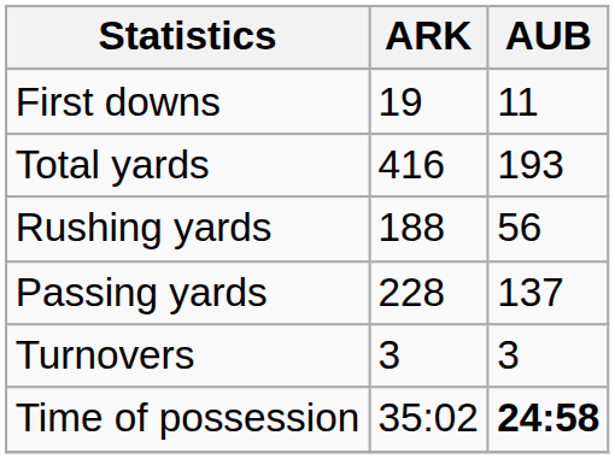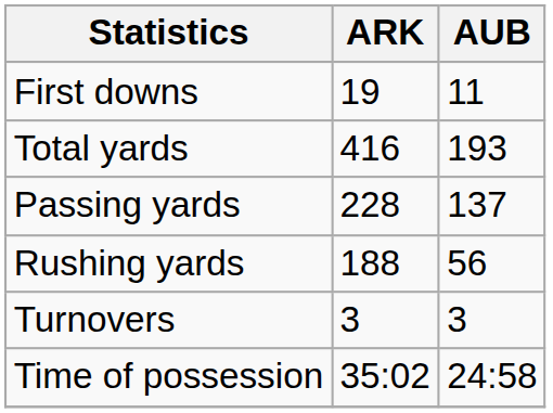 <table class="wikitable">
 <tr>
 <th>Statistics</th>
 <th>ARK</th>
 <th>AUB</th>
 </tr>
 <tr>
 <td>First downs</td>
 <td>19</td>
 <td>11</td>
 </tr>
 <tr>
 <td>Total yards</td>
 <td>416</td>
 <td>193</td>
 </tr>
 <tr>
+<td>Passing yards</td>
+<td>228</td>
+<td>137</td>
+</tr>
+<tr>
 <td>Rushing yards</td>
 <td>188</td>
 <td>56</td>
-</tr>
-<tr>
-<td>Passing yards</td>
-<td>228</td>
-<td>137</td>
 </tr>
 <tr>
 <td>Turnovers</td>
 <td>3</td>
 <td>3</td>
 </tr>
 <tr>
 <td>Time of possession</td>
 <td>35:02</td>
-<td><strong>24:58</strong></td>
+<td>24:58</td>
 </tr>
 <tr>
 </tr>
 </table>
